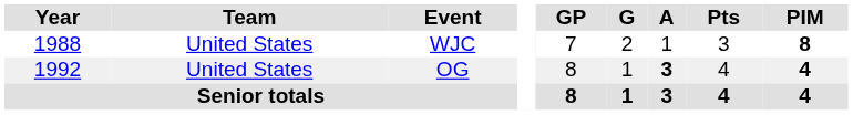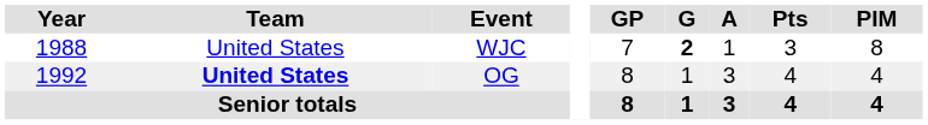 <table border="0" cellpadding="1" cellspacing="0" style="text-align:center; width:40em">
 <tr bgcolor="#e0e0e0">
 <th>Year</th>
 <th>Team</th>
 <th>Event</th>
 <th rowspan="99" bgcolor="#ffffff"> </th>
 <th>GP</th>
 <th>G</th>
 <th>A</th>
 <th>Pts</th>
 <th>PIM</th>
 </tr>
 <tr>
 <td><a href='#'>1988</a></td>
 <td><a href='#'>United States</a></td>
 <td><a href='#'>WJC</a></td>
 <td>7</td>
-<td>2</td>
+<td><strong>2</strong></td>
 <td>1</td>
 <td>3</td>
-<td><strong>8</strong></td>
+<td>8</td>
 </tr>
 <tr bgcolor="#f0f0f0">
 <td><a href='#'>1992</a></td>
-<td><a href='#'>United States</a></td>
+<td><strong><a href='#'>United States</a></strong></td>
 <td><a href='#'>OG</a></td>
 <td>8</td>
 <td>1</td>
-<td><strong>3</strong></td>
+<td>3</td>
 <td>4</td>
-<td><strong>4</strong></td>
+<td>4</td>
 </tr>
 <tr bgcolor="#e0e0e0">
 <th colspan=3>Senior totals</th>
 <th>8</th>
 <th>1</th>
 <th>3</th>
 <th>4</th>
 <th>4</th>
 </tr>
 </table>
